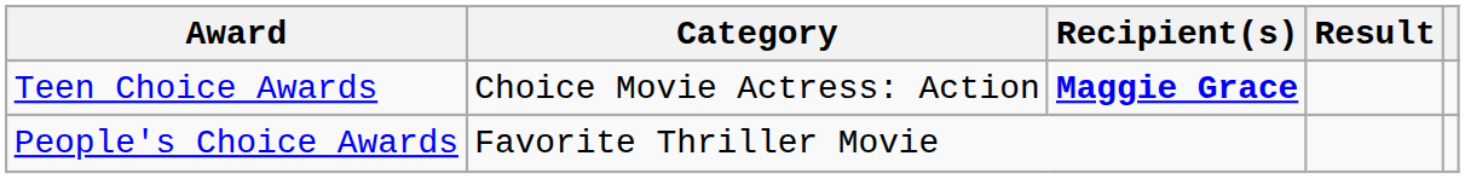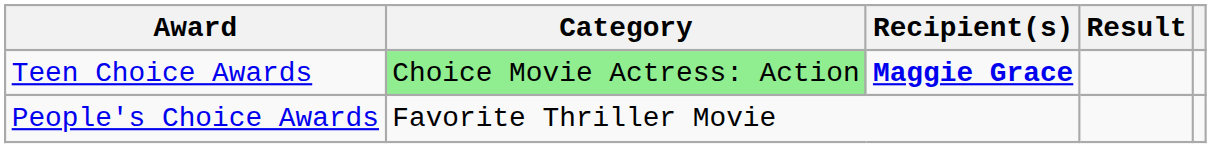 <table class="wikitable sortable">
 <tr>
 <th>Award</th>
 <th>Category</th>
 <th>Recipient(s)</th>
 <th>Result</th>
 <th></th>
 </tr>
 <tr>
 <td><a href='#'>Teen Choice Awards</a></td>
-<td>Choice Movie Actress: Action</td>
+<td style="background: lightgreen;">Choice Movie Actress: Action</td>
 <td><strong><a href='#'>Maggie Grace</a></strong></td>
 <td></td>
 <td></td>
 </tr>
 <tr>
 <td><a href='#'>People's Choice Awards</a></td>
 <td colspan="2">Favorite Thriller Movie</td>
 <td></td>
 <td></td>
 </tr>
 </table>
